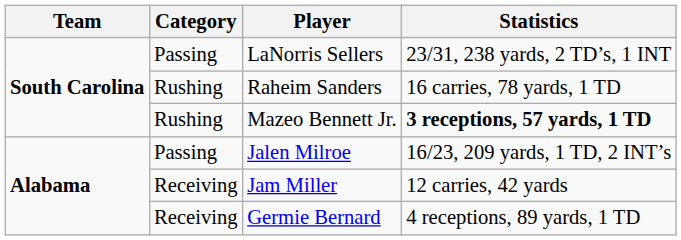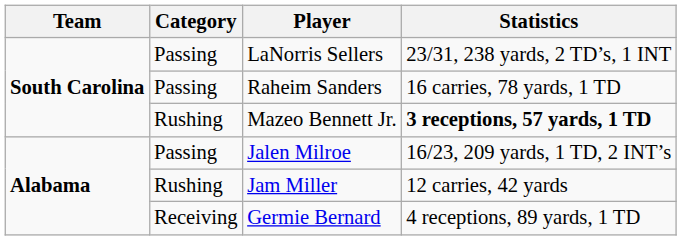 <table class="wikitable" style="float: right;">
 <tr>
 <th>Team</th>
 <th>Category</th>
 <th>Player</th>
 <th>Statistics</th>
 </tr>
 <tr>
 <td rowspan=3><strong>South Carolina</strong></td>
 <td>Passing</td>
 <td>LaNorris Sellers</td>
 <td>23/31, 238 yards, 2 TD’s, 1 INT</td>
 </tr>
 <tr>
-<td>Rushing</td>
+<td>Passing</td>
 <td>Raheim Sanders</td>
 <td>16 carries, 78 yards, 1 TD</td>
 </tr>
 <tr>
 <td>Rushing</td>
 <td>Mazeo Bennett Jr.</td>
 <td><strong>3 receptions, 57 yards, 1 TD</strong></td>
 </tr>
 <tr>
 <td rowspan=3><strong>Alabama</strong></td>
 <td>Passing</td>
 <td><a href='#'>Jalen Milroe</a></td>
 <td>16/23, 209 yards, 1 TD, 2 INT’s</td>
 </tr>
 <tr>
-<td>Receiving</td>
+<td>Rushing</td>
 <td><a href='#'>Jam Miller</a></td>
 <td>12 carries, 42 yards</td>
 </tr>
 <tr>
 <td>Receiving</td>
 <td><a href='#'>Germie Bernard</a></td>
 <td>4 receptions, 89 yards, 1 TD</td>
 </tr>
 </table>
